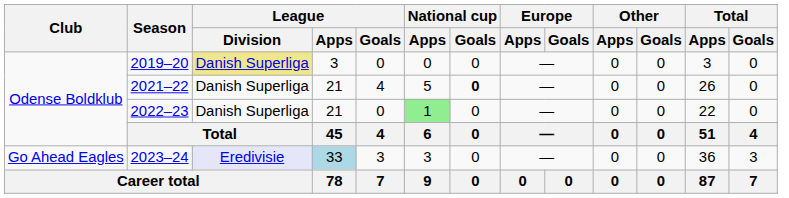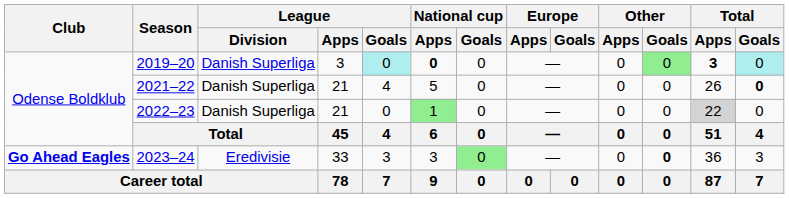 <table class="wikitable" style="text-align:center">
 <tr>
 <th rowspan="2">Club</th>
 <th rowspan="2">Season</th>
 <th colspan="3">League</th>
 <th colspan="2">National cup</th>
 <th colspan="2">Europe</th>
 <th colspan="2">Other</th>
 <th colspan="2">Total</th>
 </tr>
 <tr>
 <th>Division</th>
 <th>Apps</th>
 <th>Goals</th>
 <th>Apps</th>
 <th>Goals</th>
 <th>Apps</th>
 <th>Goals</th>
 <th>Apps</th>
 <th>Goals</th>
 <th>Apps</th>
 <th>Goals</th>
 </tr>
 <tr>
 <td rowspan="4"><a href='#'>Odense Boldklub</a></td>
 <td><a href='#'>2019–20</a></td>
-<td style="background: khaki;"><a href='#'>Danish Superliga</a></td>
+<td><a href='#'>Danish Superliga</a></td>
 <td>3</td>
-<td>0</td>
-<td>0</td>
+<td style="background: paleturquoise;">0</td>
+<td><strong>0</strong></td>
 <td>0</td>
 <td colspan="2">—</td>
 <td>0</td>
-<td>0</td>
-<td>3</td>
-<td>0</td>
+<td style="background: lightgreen;">0</td>
+<td><strong>3</strong></td>
+<td style="background: paleturquoise;">0</td>
 </tr>
 <tr>
 <td><a href='#'>2021–22</a></td>
 <td>Danish Superliga</td>
 <td>21</td>
 <td>4</td>
 <td>5</td>
-<td><strong>0</strong></td>
+<td>0</td>
 <td colspan="2">—</td>
 <td>0</td>
 <td>0</td>
 <td>26</td>
-<td>0</td>
+<td><strong>0</strong></td>
 </tr>
 <tr>
 <td><a href='#'>2022–23</a></td>
 <td>Danish Superliga</td>
 <td>21</td>
 <td>0</td>
 <td style="background: lightgreen;">1</td>
 <td>0</td>
 <td colspan="2">—</td>
 <td>0</td>
 <td>0</td>
-<td>22</td>
+<td style="background: lightgrey;">22</td>
 <td>0</td>
 </tr>
 <tr>
 <th colspan="2">Total</th>
 <th>45</th>
 <th>4</th>
 <th>6</th>
 <th>0</th>
 <th colspan="2">—</th>
 <th>0</th>
 <th>0</th>
 <th>51</th>
 <th>4</th>
 </tr>
 <tr>
-<td rowspan="1"><a href='#'>Go Ahead Eagles</a></td>
+<td rowspan="1"><strong><a href='#'>Go Ahead Eagles</a></strong></td>
 <td><a href='#'>2023–24</a></td>
-<td style="background: lavender;"><a href='#'>Eredivisie</a></td>
-<td style="background: lightblue;">33</td>
+<td><a href='#'>Eredivisie</a></td>
+<td>33</td>
 <td>3</td>
 <td>3</td>
-<td>0</td>
+<td style="background: lightgreen;">0</td>
 <td colspan="2">—</td>
 <td>0</td>
-<td>0</td>
+<td><strong>0</strong></td>
 <td>36</td>
 <td>3</td>
 </tr>
 <tr>
 <th colspan="3">Career total</th>
 <th>78</th>
 <th>7</th>
 <th>9</th>
 <th>0</th>
 <th>0</th>
 <th>0</th>
 <th>0</th>
 <th>0</th>
 <th>87</th>
 <th>7</th>
 </tr>
 </table>
